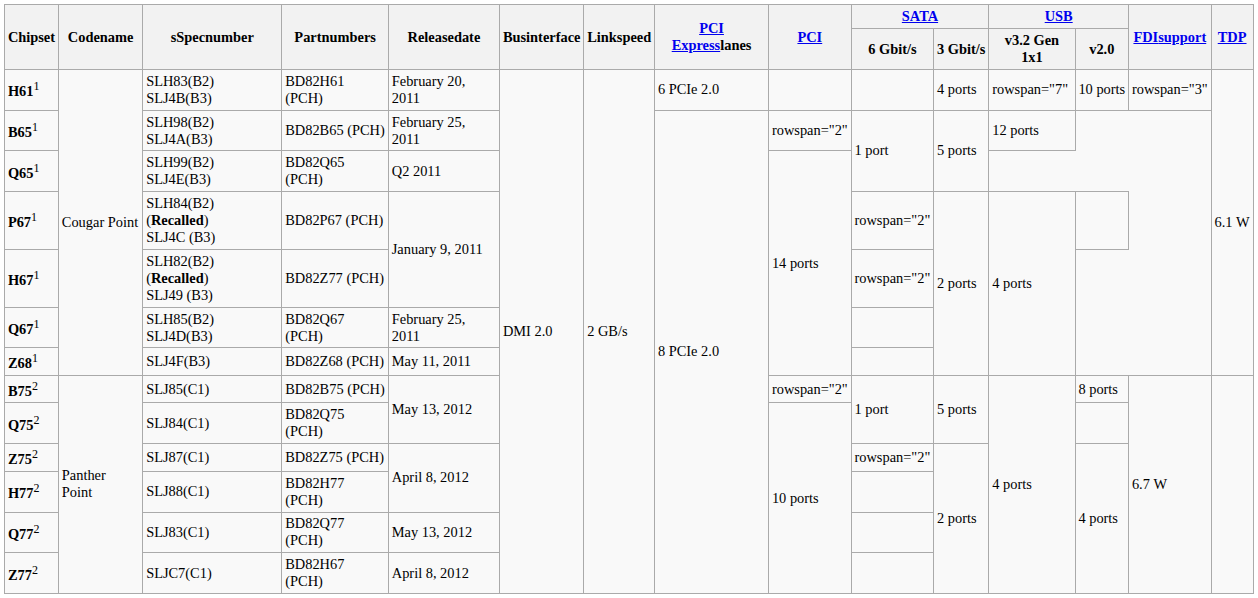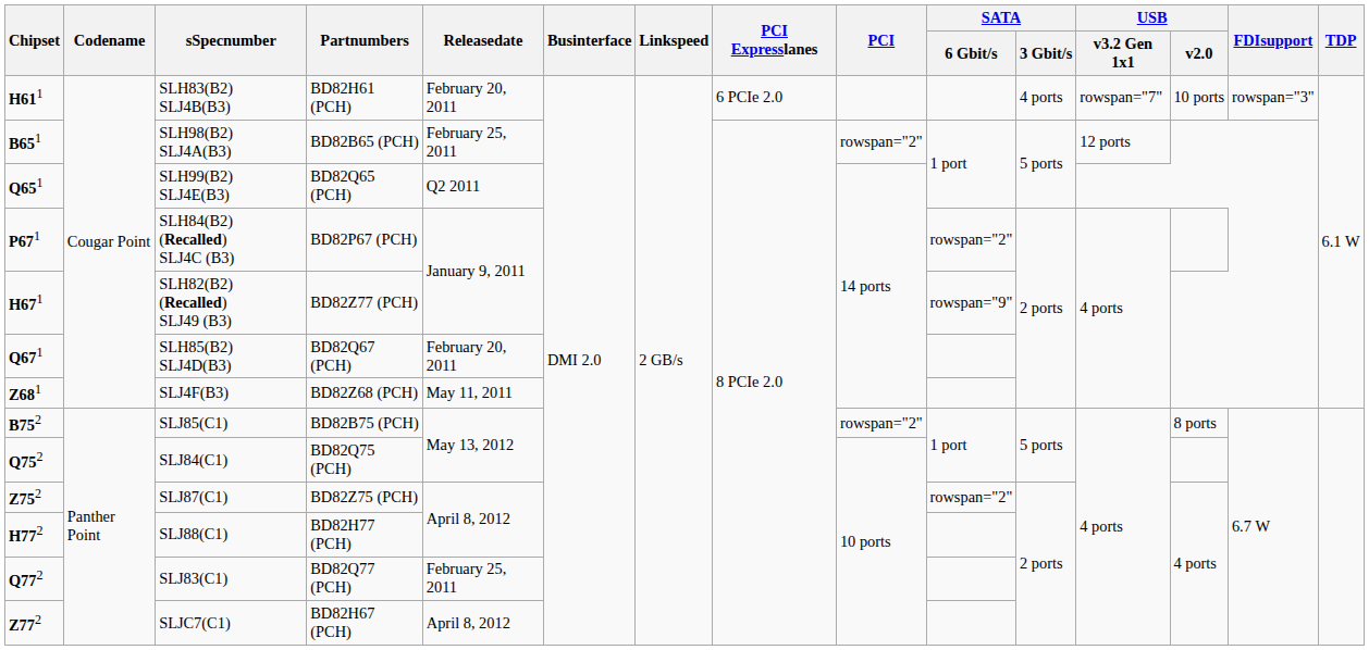 <table class="wikitable" style="font-size: 90%;">
 <tr>
 <th rowspan="2">Chipset</th>
 <th rowspan="2">Codename</th>
 <th rowspan="2">sSpecnumber</th>
 <th rowspan="2">Partnumbers</th>
 <th rowspan="2">Releasedate</th>
 <th rowspan="2">Businterface</th>
 <th rowspan="2">Linkspeed</th>
 <th rowspan="2"><a href='#'>PCI Express</a>lanes</th>
 <th rowspan="2"><a href='#'>PCI</a></th>
 <th colspan="2"><a href='#'>SATA</a></th>
 <th colspan="2"><a href='#'>USB</a></th>
 <th rowspan="2"><a href='#'>FDI</a><a href='#'>support</a></th>
 <th rowspan="2"><a href='#'>TDP</a></th>
 </tr>
 <tr>
 <th>6 Gbit/s</th>
 <th>3 Gbit/s</th>
 <th>v3.2 Gen 1x1</th>
 <th>v2.0</th>
 </tr>
 <tr>
 <td><strong>H61</strong><sup>1</sup></td>
 <td rowspan="7">Cougar Point</td>
 <td>SLH83(B2)<br>SLJ4B(B3)</td>
 <td>BD82H61 (PCH)</td>
 <td>February 20, 2011</td>
 <td rowspan="13">DMI 2.0</td>
 <td rowspan="13">2 GB/s</td>
 <td>6 PCIe 2.0</td>
 <td></td>
 <td></td>
 <td>4 ports</td>
 <td>rowspan="7" </td>
 <td>10 ports</td>
 <td>rowspan="3" </td>
 <td rowspan="7">6.1 W</td>
 </tr>
 <tr>
 <td><strong>B65</strong><sup>1</sup></td>
 <td>SLH98(B2)<br>SLJ4A(B3)</td>
 <td>BD82B65 (PCH)</td>
 <td>February 25, 2011</td>
 <td rowspan="12">8 PCIe 2.0</td>
 <td>rowspan="2" </td>
 <td rowspan="2">1 port</td>
 <td rowspan="2">5 ports</td>
 <td>12 ports</td>
 </tr>
 <tr>
 <td><strong>Q65</strong><sup>1</sup></td>
 <td>SLH99(B2)<br>SLJ4E(B3)</td>
 <td>BD82Q65 (PCH)</td>
 <td>Q2 2011</td>
 <td rowspan="5">14 ports</td>
 </tr>
 <tr>
 <td><strong>P67</strong><sup>1</sup></td>
 <td>SLH84(B2) (<strong>Recalled</strong>)<br>SLJ4C (B3)</td>
 <td>BD82P67 (PCH)</td>
 <td rowspan="2">January 9, 2011</td>
 <td>rowspan="2" </td>
 <td rowspan="4">2 ports</td>
 <td rowspan="4">4 ports</td>
 <td></td>
 </tr>
 <tr>
 <td><strong>H67</strong><sup>1</sup></td>
 <td>SLH82(B2) (<strong>Recalled</strong>)<br>SLJ49 (B3)</td>
 <td>BD82Z77 (PCH)</td>
-<td>rowspan="2" </td>
+<td>rowspan="9" </td>
 </tr>
 <tr>
 <td><strong>Q67</strong><sup>1</sup></td>
 <td>SLH85(B2)<br>SLJ4D(B3)</td>
 <td>BD82Q67 (PCH)</td>
-<td>February 25, 2011</td>
+<td>February 20, 2011</td>
 <td></td>
 </tr>
 <tr>
 <td><strong>Z68</strong><sup>1</sup></td>
 <td>SLJ4F(B3)</td>
 <td>BD82Z68 (PCH)</td>
 <td>May 11, 2011</td>
 <td></td>
 </tr>
 <tr>
 <td><strong>B75</strong><sup>2</sup></td>
 <td rowspan="6">Panther Point</td>
 <td>SLJ85(C1)</td>
 <td>BD82B75 (PCH)</td>
 <td rowspan="2">May 13, 2012</td>
 <td>rowspan="2" </td>
 <td rowspan="2">1 port</td>
 <td rowspan="2">5 ports</td>
 <td rowspan="6">4 ports</td>
 <td>8 ports</td>
 <td rowspan="6">6.7 W</td>
 </tr>
 <tr>
 <td><strong>Q75</strong><sup>2</sup></td>
 <td>SLJ84(C1)</td>
 <td>BD82Q75 (PCH)</td>
 <td rowspan="5">10 ports</td>
 </tr>
 <tr>
 <td><strong>Z75</strong><sup>2</sup></td>
 <td>SLJ87(C1)</td>
 <td>BD82Z75 (PCH)</td>
 <td rowspan="2">April 8, 2012</td>
 <td>rowspan="2" </td>
 <td rowspan="4">2 ports</td>
 <td rowspan="4">4 ports</td>
 </tr>
 <tr>
 <td><strong>H77</strong><sup>2</sup></td>
 <td>SLJ88(C1)</td>
 <td>BD82H77 (PCH)</td>
 </tr>
 <tr>
 <td><strong>Q77</strong><sup>2</sup></td>
 <td>SLJ83(C1)</td>
 <td>BD82Q77 (PCH)</td>
-<td>May 13, 2012</td>
+<td>February 25, 2011</td>
 <td></td>
 </tr>
 <tr>
 <td><strong>Z77</strong><sup>2</sup></td>
 <td>SLJC7(C1)</td>
 <td>BD82H67 (PCH)</td>
 <td>April 8, 2012</td>
 <td></td>
 </tr>
 </table>
